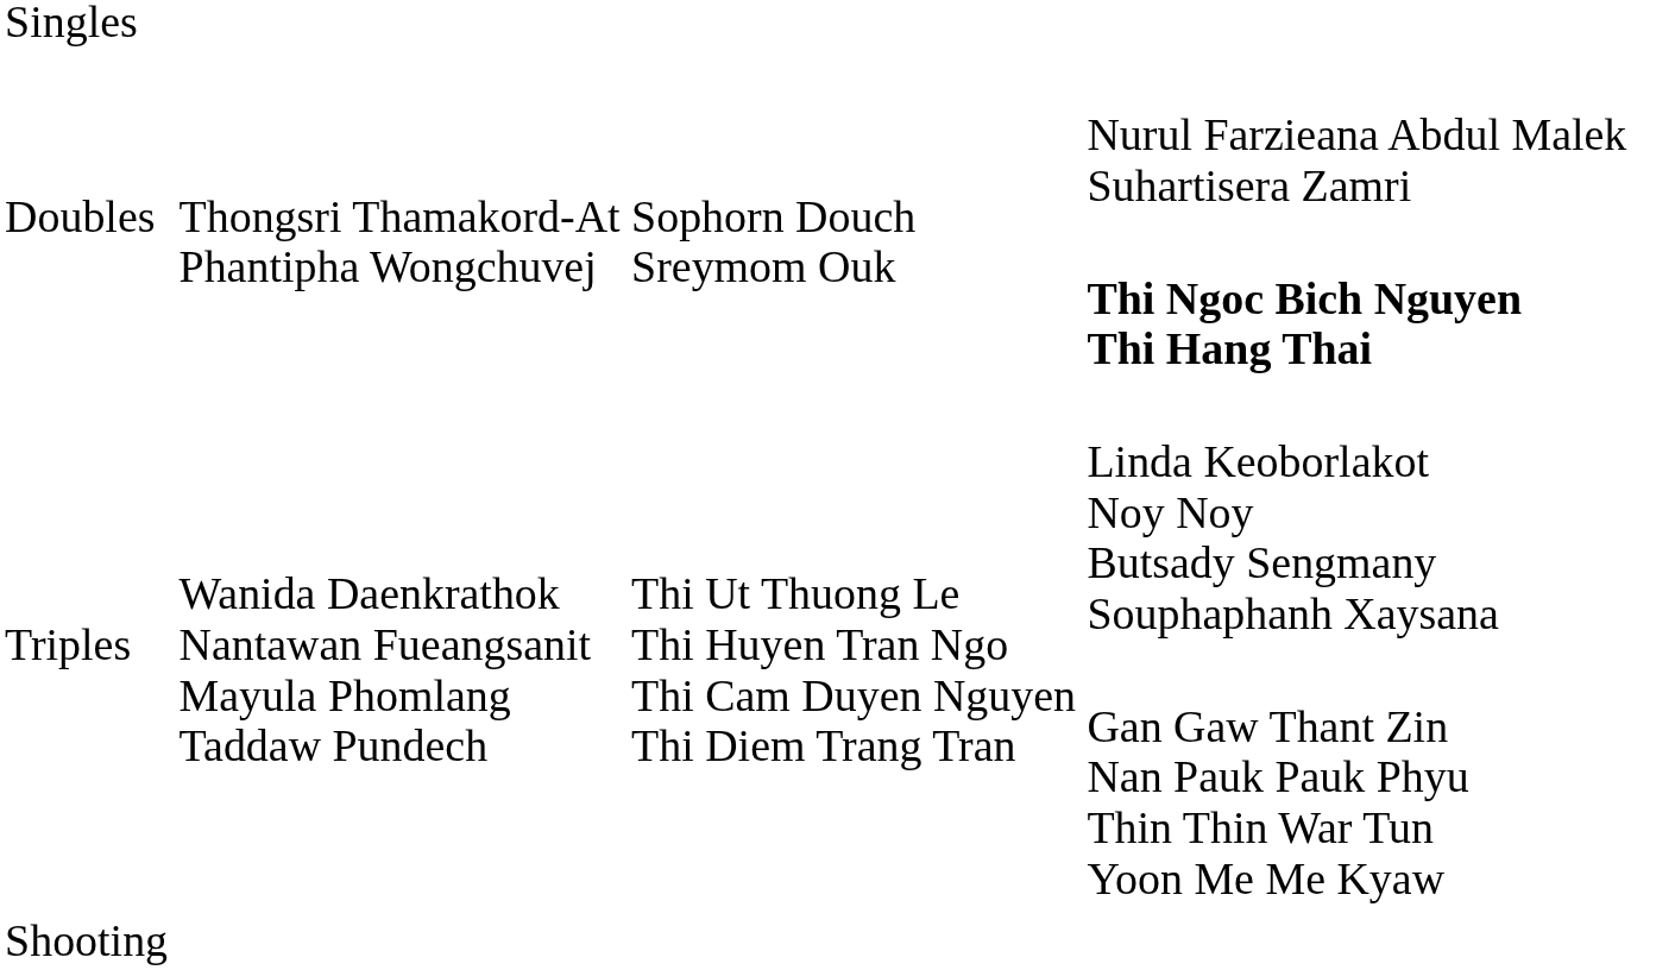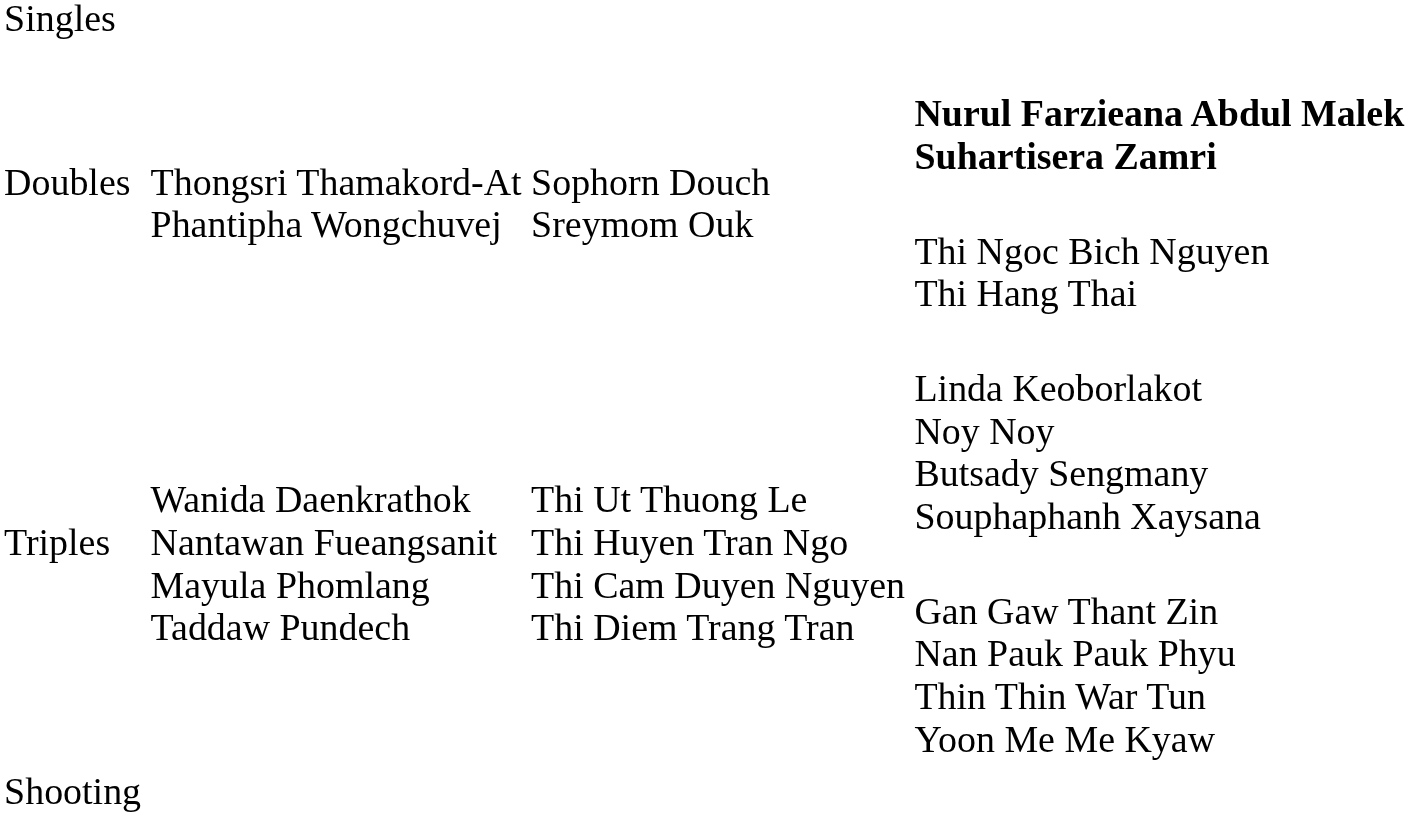 <table>
 <tr>
 <td rowspan=2>Singles</td>
 <td rowspan=2></td>
 <td rowspan=2></td>
 <td></td>
 </tr>
 <tr>
 <td></td>
 </tr>
 <tr>
 <td rowspan=2>Doubles</td>
 <td rowspan=2><br>Thongsri Thamakord-At<br>Phantipha Wongchuvej</td>
 <td rowspan=2><br>Sophorn Douch<br>Sreymom Ouk</td>
-<td><br>Nurul Farzieana Abdul Malek<br>Suhartisera Zamri</td>
+<td><strong><br>Nurul Farzieana Abdul Malek<br>Suhartisera Zamri</strong></td>
 </tr>
 <tr>
-<td><strong><br>Thi Ngoc Bich Nguyen<br> Thi Hang Thai</strong></td>
+<td><br>Thi Ngoc Bich Nguyen<br> Thi Hang Thai</td>
 </tr>
 <tr>
 <td rowspan=2>Triples</td>
 <td rowspan=2><br>Wanida Daenkrathok<br>Nantawan Fueangsanit<br>Mayula Phomlang<br>Taddaw Pundech</td>
 <td rowspan=2><br>Thi Ut Thuong Le<br>Thi Huyen Tran Ngo<br>Thi Cam Duyen Nguyen<br>Thi Diem Trang Tran</td>
 <td><br>Linda Keoborlakot<br>Noy Noy<br>Butsady Sengmany<br>Souphaphanh Xaysana</td>
 </tr>
 <tr>
 <td><br>Gan Gaw Thant Zin<br>Nan Pauk Pauk Phyu<br>Thin Thin War Tun<br>Yoon Me Me Kyaw</td>
 </tr>
 <tr>
 <td rowspan=2>Shooting</td>
 <td rowspan=2></td>
 <td rowspan=2></td>
 <td></td>
 </tr>
 <tr>
 <td></td>
 </tr>
 </table>
